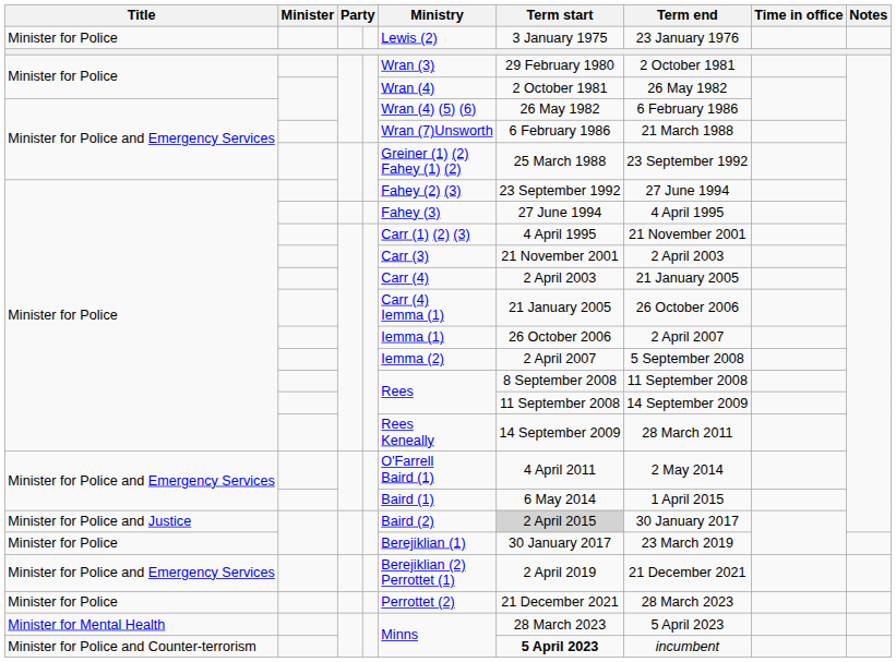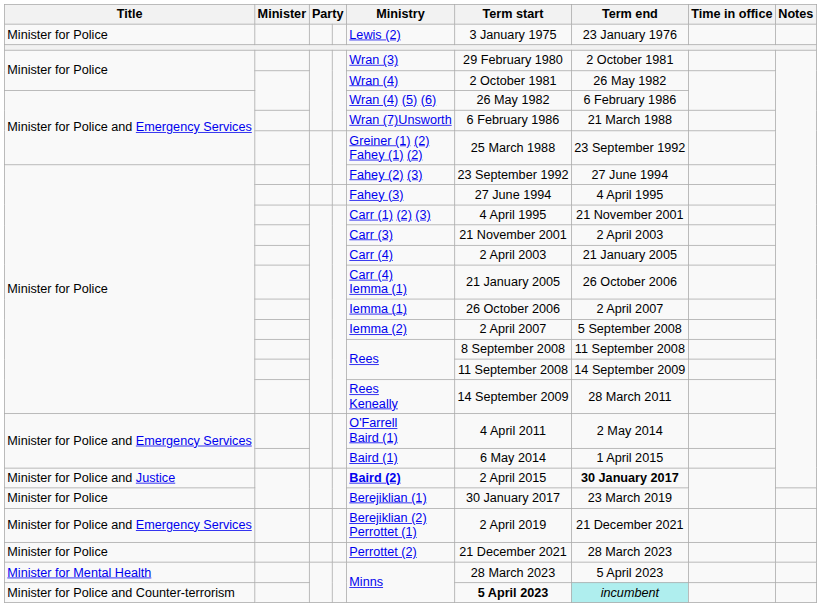 <table class="wikitable sortable">
 <tr>
 <th>Title</th>
 <th>Minister</th>
 <th colspan=2>Party</th>
 <th>Ministry</th>
 <th>Term start</th>
 <th>Term end</th>
 <th>Time in office</th>
 <th class="unsortable">Notes</th>
 </tr>
 <tr>
 <td>Minister for Police</td>
 <td></td>
 <td> </td>
 <td></td>
 <td><a href='#'>Lewis (2)</a></td>
 <td align=center>3 January 1975</td>
 <td align=center>23 January 1976</td>
 <td align=right></td>
 </tr>
 <tr>
 <th colspan=9></th>
 </tr>
 <tr>
 <td rowspan=2>Minister for Police</td>
 <td></td>
 <td rowspan=4 > </td>
 <td rowspan="4"></td>
 <td><a href='#'>Wran (3)</a></td>
 <td align=center>29 February 1980</td>
 <td align=center>2 October 1981</td>
 <td align=right></td>
 </tr>
 <tr>
 <td rowspan=2></td>
 <td><a href='#'>Wran (4)</a></td>
 <td align=center>2 October 1981</td>
 <td align=center>26 May 1982</td>
 <td rowspan=2 align=right></td>
 </tr>
 <tr>
 <td rowspan=3>Minister for Police and <a href='#'>Emergency Services</a></td>
 <td><a href='#'>Wran (4)</a> <a href='#'>(5)</a> <a href='#'>(6)</a></td>
 <td align=center>26 May 1982</td>
 <td align=center>6 February 1986</td>
 </tr>
 <tr>
 <td></td>
 <td><a href='#'>Wran (7)</a><a href='#'>Unsworth</a></td>
 <td align=center>6 February 1986</td>
 <td align=center>21 March 1988</td>
 <td align=right></td>
 </tr>
 <tr>
 <td></td>
 <td rowspan=2 > </td>
 <td rowspan=2></td>
 <td><a href='#'>Greiner (1)</a> <a href='#'>(2)</a><br><a href='#'>Fahey (1)</a> <a href='#'>(2)</a></td>
 <td align=center>25 March 1988</td>
 <td align=center>23 September 1992</td>
 <td align=right></td>
 </tr>
 <tr>
 <td rowspan=11>Minister for Police</td>
 <td></td>
 <td><a href='#'>Fahey (2)</a> <a href='#'>(3)</a></td>
 <td align=center>23 September 1992</td>
 <td align=center>27 June 1994</td>
 <td align=right></td>
 </tr>
 <tr>
 <td></td>
 <td> </td>
 <td></td>
 <td><a href='#'>Fahey (3)</a></td>
 <td align=center>27 June 1994</td>
 <td align=center>4 April 1995</td>
 <td align=right></td>
 </tr>
 <tr>
 <td></td>
 <td rowspan=9 > </td>
 <td rowspan=9></td>
 <td><a href='#'>Carr (1)</a> <a href='#'>(2)</a> <a href='#'>(3)</a></td>
 <td align=center>4 April 1995</td>
 <td align=center>21 November 2001</td>
 <td align=right><strong></strong></td>
 </tr>
 <tr>
 <td></td>
 <td><a href='#'>Carr (3)</a></td>
 <td align=center>21 November 2001</td>
 <td align=center>2 April 2003</td>
 <td align=right></td>
 </tr>
 <tr>
 <td></td>
 <td><a href='#'>Carr (4)</a></td>
 <td align=center>2 April 2003</td>
 <td align=center>21 January 2005</td>
 <td align=right></td>
 </tr>
 <tr>
 <td></td>
 <td><a href='#'>Carr (4)</a><br><a href='#'>Iemma (1)</a></td>
 <td align=center>21 January 2005</td>
 <td align=center>26 October 2006</td>
 <td align=right></td>
 </tr>
 <tr>
 <td></td>
 <td><a href='#'>Iemma (1)</a></td>
 <td align=center>26 October 2006</td>
 <td align=center>2 April 2007</td>
 <td align=right></td>
 </tr>
 <tr>
 <td></td>
 <td><a href='#'>Iemma (2)</a></td>
 <td align=center>2 April 2007</td>
 <td align=center>5 September 2008</td>
 <td align=right></td>
 </tr>
 <tr>
 <td></td>
 <td rowspan=2><a href='#'>Rees</a></td>
 <td align=center>8 September 2008</td>
 <td align=center>11 September 2008</td>
 <td align=right></td>
 </tr>
 <tr>
 <td></td>
 <td align=center>11 September 2008</td>
 <td align=center>14 September 2009</td>
 <td align=right></td>
 </tr>
 <tr>
 <td></td>
 <td><a href='#'>Rees</a><br><a href='#'>Keneally</a></td>
 <td align=center>14 September 2009</td>
 <td align=center>28 March 2011</td>
 <td align=right></td>
 </tr>
 <tr>
 <td rowspan="2">Minister for Police and <a href='#'>Emergency Services</a></td>
 <td></td>
 <td rowspan=2 > </td>
 <td rowspan=2></td>
 <td><a href='#'>O'Farrell</a><br><a href='#'>Baird (1)</a></td>
 <td align=center>4 April 2011</td>
 <td align=center>2 May 2014</td>
 <td align=right></td>
 </tr>
 <tr>
 <td></td>
 <td><a href='#'>Baird (1)</a></td>
 <td align=center>6 May 2014</td>
 <td align=center>1 April 2015</td>
 <td align=right></td>
 </tr>
 <tr>
 <td>Minister for Police and <a href='#'>Justice</a></td>
 <td rowspan=2></td>
 <td rowspan=2 > </td>
 <td rowspan=2></td>
-<td><a href='#'>Baird (2)</a></td>
-<td align=center style="background: lightgrey;">2 April 2015</td>
-<td align=center>30 January 2017</td>
+<td><strong><a href='#'>Baird (2)</a></strong></td>
+<td align=center>2 April 2015</td>
+<td align=center><strong>30 January 2017</strong></td>
 <td align=right rowspan=2></td>
 </tr>
 <tr>
 <td>Minister for Police</td>
 <td><a href='#'>Berejiklian (1)</a></td>
 <td align=center>30 January 2017</td>
 <td align=center>23 March 2019</td>
 <td></td>
 </tr>
 <tr>
 <td>Minister for Police and <a href='#'>Emergency Services</a></td>
 <td></td>
 <td> </td>
 <td></td>
 <td><a href='#'>Berejiklian (2)</a><br><a href='#'>Perrottet (1)</a></td>
 <td align=center>2 April 2019</td>
 <td align=center>21 December 2021</td>
 <td align=right></td>
 <td></td>
 </tr>
 <tr>
 <td>Minister for Police</td>
 <td></td>
 <td> </td>
 <td></td>
 <td><a href='#'>Perrottet (2)</a></td>
 <td align=center>21 December 2021</td>
 <td align=center>28 March 2023</td>
 <td align=right></td>
 <td></td>
 </tr>
 <tr>
 <td><a href='#'>Minister for Mental Health</a></td>
 <td></td>
 <td rowspan=2 > </td>
 <td rowspan=2></td>
 <td rowspan=2><a href='#'>Minns</a></td>
 <td align=center>28 March 2023</td>
 <td align=center>5 April 2023</td>
 <td align=right></td>
 <td></td>
 </tr>
 <tr>
 <td>Minister for Police and Counter-terrorism</td>
 <td></td>
 <td align=center><strong>5 April 2023</strong></td>
-<td align=center><em>incumbent</em></td>
+<td align=center style="background: paleturquoise;"><em>incumbent</em></td>
 <td align=right></td>
 </tr>
 </table>
